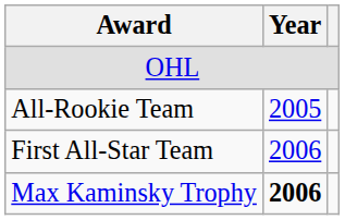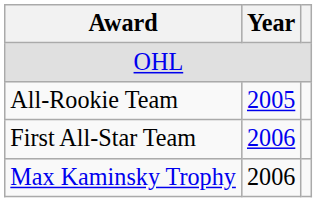 <table class="wikitable">
 <tr>
 <th>Award</th>
 <th>Year</th>
 <th></th>
 </tr>
 <tr ALIGN="center" bgcolor="#e0e0e0">
 <td colspan="3"><a href='#'>OHL</a></td>
 </tr>
 <tr>
 <td>All-Rookie Team</td>
 <td><a href='#'>2005</a></td>
 <td></td>
 </tr>
 <tr>
 <td>First All-Star Team</td>
 <td><a href='#'>2006</a></td>
 <td></td>
 </tr>
 <tr>
 <td><a href='#'>Max Kaminsky Trophy</a></td>
-<td><strong>2006</strong></td>
+<td>2006</td>
 <td></td>
 </tr>
 </table>
